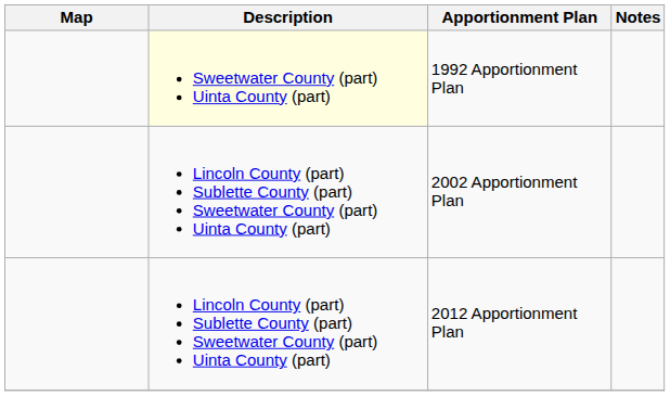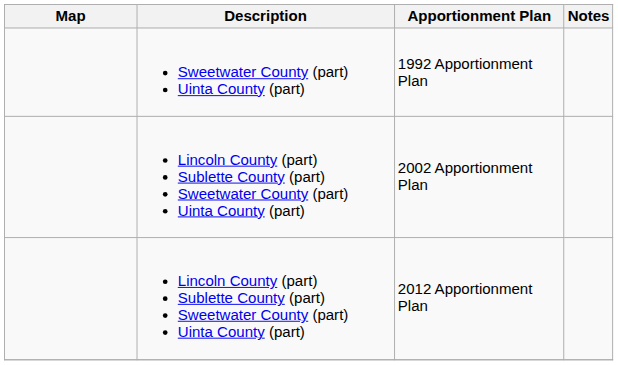 <table class="wikitable sortable">
 <tr>
 <th style="width:100pt;">Map</th>
 <th style="width:200pt;">Description</th>
 <th style="width:130pt;">Apportionment Plan</th>
 <th style="width:15pt;">Notes</th>
 </tr>
 <tr>
 <td></td>
-<td style="background: lightyellow;"><br><ul><li><a href='#'>Sweetwater County</a> (part)</li><li><a href='#'>Uinta County</a> (part)</li></ul></td>
+<td><br><ul><li><a href='#'>Sweetwater County</a> (part)</li><li><a href='#'>Uinta County</a> (part)</li></ul></td>
 <td>1992 Apportionment Plan</td>
 <td></td>
 </tr>
 <tr>
 <td></td>
 <td><br><ul><li><a href='#'>Lincoln County</a> (part)</li><li><a href='#'>Sublette County</a> (part)</li><li><a href='#'>Sweetwater County</a> (part)</li><li><a href='#'>Uinta County</a> (part)</li></ul></td>
 <td>2002 Apportionment Plan</td>
 <td></td>
 </tr>
 <tr>
 <td></td>
 <td><br><ul><li><a href='#'>Lincoln County</a> (part)</li><li><a href='#'>Sublette County</a> (part)</li><li><a href='#'>Sweetwater County</a> (part)</li><li><a href='#'>Uinta County</a> (part)</li></ul></td>
 <td>2012 Apportionment Plan</td>
 <td></td>
 </tr>
 <tr>
 </tr>
 </table>
